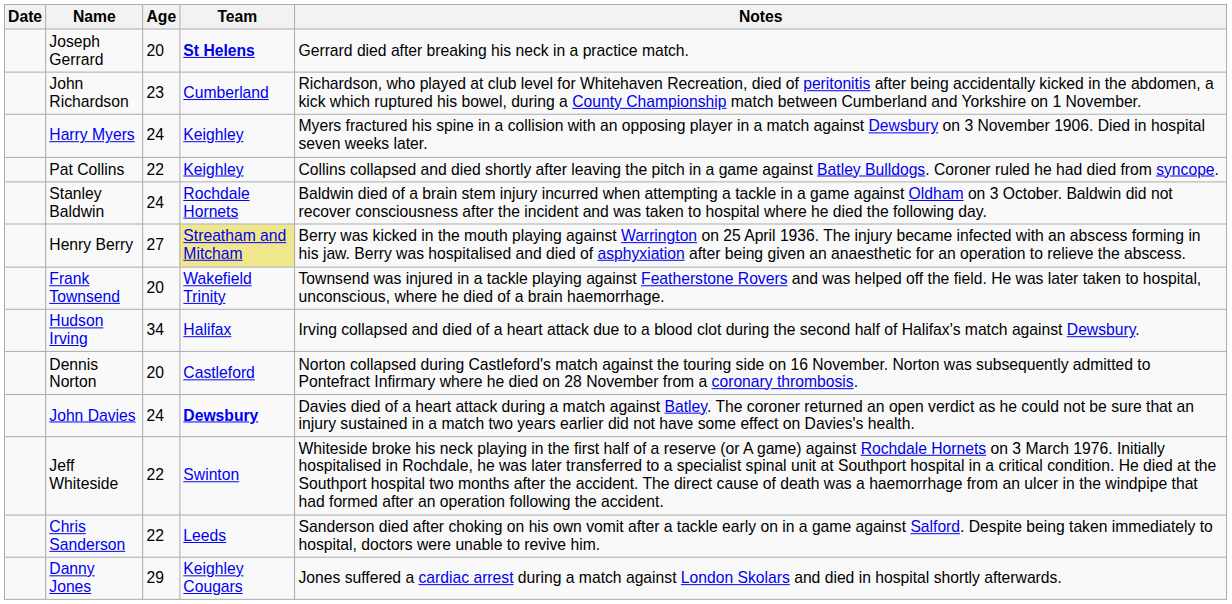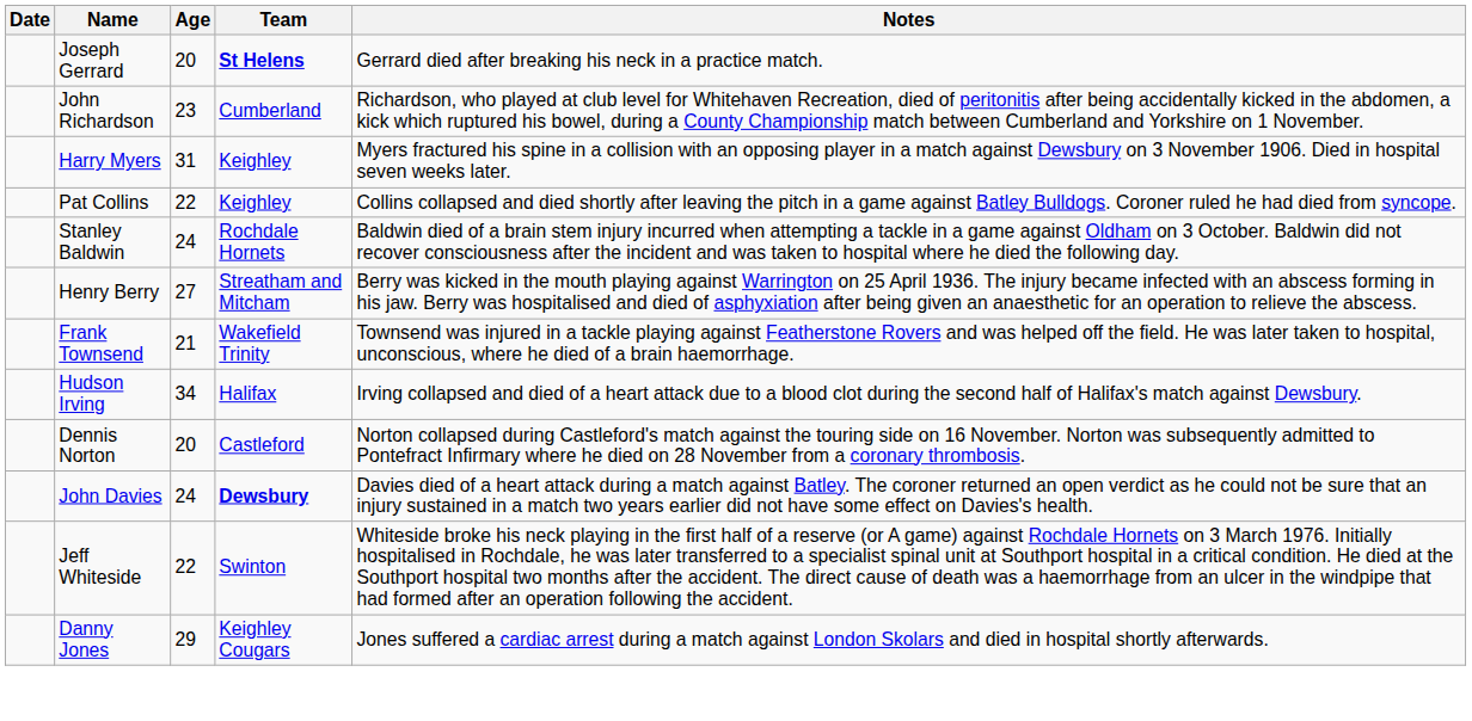 <table class="wikitable sortable">
 <tr>
 <th>Date</th>
 <th>Name</th>
 <th>Age</th>
 <th>Team</th>
 <th class="unsortable">Notes</th>
 </tr>
 <tr>
 <td></td>
 <td data-sort-value="Gerrard, Joseph">Joseph Gerrard</td>
 <td>20</td>
 <td><strong><a href='#'>St Helens</a></strong></td>
 <td>Gerrard died after breaking his neck in a practice match.</td>
 </tr>
 <tr>
 <td></td>
 <td data-sort-value="Richardson, John">John Richardson</td>
 <td>23</td>
 <td><a href='#'>Cumberland</a></td>
 <td>Richardson, who played at club level for Whitehaven Recreation, died of <a href='#'>peritonitis</a> after being accidentally kicked in the abdomen, a kick which ruptured his bowel, during a <a href='#'>County Championship</a> match between Cumberland and Yorkshire on 1 November.</td>
 </tr>
 <tr>
 <td></td>
 <td data-sort-value="Myers, Harry"><a href='#'>Harry Myers</a></td>
-<td>24</td>
+<td>31</td>
 <td><a href='#'>Keighley</a></td>
 <td>Myers fractured his spine in a collision with an opposing player in a match against <a href='#'>Dewsbury</a> on 3 November 1906. Died in hospital seven weeks later.</td>
 </tr>
 <tr>
 <td></td>
 <td data-sort-value="Collins, Pat">Pat Collins</td>
 <td>22</td>
 <td><a href='#'>Keighley</a></td>
 <td>Collins collapsed and died shortly after leaving the pitch in a game against <a href='#'>Batley Bulldogs</a>. Coroner ruled he had died from <a href='#'>syncope</a>.</td>
 </tr>
 <tr>
 <td></td>
 <td data-sort-value="Baldwin, Stanley">Stanley Baldwin</td>
 <td>24</td>
 <td><a href='#'>Rochdale Hornets</a></td>
 <td>Baldwin died of a brain stem injury incurred when attempting a tackle in a game against <a href='#'>Oldham</a> on 3 October. Baldwin did not recover consciousness after the incident and was taken to hospital where he died the following day.</td>
 </tr>
 <tr>
 <td></td>
 <td data-sort-value="Berry, Henry">Henry Berry</td>
 <td>27</td>
-<td style="background: khaki;"><a href='#'>Streatham and Mitcham</a></td>
+<td><a href='#'>Streatham and Mitcham</a></td>
 <td>Berry was kicked in the mouth playing against <a href='#'>Warrington</a> on 25 April 1936. The injury became infected with an abscess forming in his jaw. Berry was hospitalised and died of <a href='#'>asphyxiation</a> after being given an anaesthetic for an operation to relieve the abscess.</td>
 </tr>
 <tr>
 <td></td>
 <td data-sort-value="Townsend, Frank"><a href='#'>Frank Townsend</a></td>
-<td>20</td>
+<td>21</td>
 <td><a href='#'>Wakefield Trinity</a></td>
 <td>Townsend was injured in a tackle playing against <a href='#'>Featherstone Rovers</a> and was helped off the field. He was later taken to hospital, unconscious, where he died of a brain haemorrhage.</td>
 </tr>
 <tr>
 <td></td>
 <td data-sort-value="Irving, Hudson"><a href='#'>Hudson Irving</a></td>
 <td>34</td>
 <td><a href='#'>Halifax</a></td>
 <td>Irving collapsed and died of a heart attack due to a blood clot during the second half of Halifax's match against <a href='#'>Dewsbury</a>.</td>
 </tr>
 <tr>
 <td></td>
 <td data-sort-value="Norton, Dennis">Dennis Norton</td>
 <td>20</td>
 <td><a href='#'>Castleford</a></td>
 <td>Norton collapsed during Castleford's match against the touring  side on 16 November. Norton was subsequently admitted to Pontefract Infirmary where he died on 28 November from a <a href='#'>coronary thrombosis</a>.</td>
 </tr>
 <tr>
 <td></td>
 <td data-sort-value="Davies, John"><a href='#'>John Davies</a></td>
 <td>24</td>
 <td><strong><a href='#'>Dewsbury</a></strong></td>
 <td>Davies died of a heart attack during a match against <a href='#'>Batley</a>. The coroner returned an open verdict as he could not be sure that an injury sustained in a match two years earlier did not have some effect on Davies's health.</td>
 </tr>
 <tr>
 <td></td>
 <td data-sort-value="Whiteside, Jeff">Jeff Whiteside</td>
 <td>22</td>
 <td><a href='#'>Swinton</a></td>
 <td>Whiteside broke his neck playing in the first half of a reserve (or A game) against <a href='#'>Rochdale Hornets</a> on 3 March 1976. Initially hospitalised in Rochdale, he was later transferred to a specialist spinal unit at Southport hospital in a critical condition. He died at the Southport hospital two months after the accident. The direct cause of death was a haemorrhage from an ulcer in the windpipe that had formed after an operation following the accident.</td>
 </tr>
 <tr>
 <td></td>
-<td data-sort-value="Sanderson, Christopher"><a href='#'>Chris Sanderson</a></td>
-<td>22</td>
-<td><a href='#'>Leeds</a></td>
-<td>Sanderson died after choking on his own vomit after a tackle early on in a game against <a href='#'>Salford</a>. Despite being taken immediately to hospital, doctors were unable to revive him.</td>
-</tr>
-<tr>
-<td></td>
 <td data-sort-value="Jones, Danny"><a href='#'>Danny Jones</a></td>
 <td>29</td>
 <td><a href='#'>Keighley Cougars</a></td>
 <td>Jones suffered a <a href='#'>cardiac arrest</a> during a match against <a href='#'>London Skolars</a> and died in hospital shortly afterwards.</td>
 </tr>
 </table>
